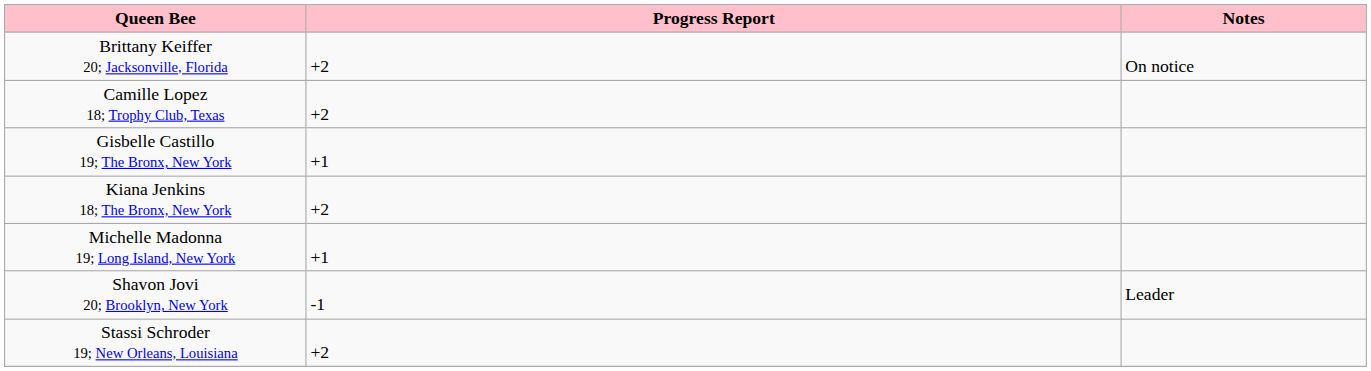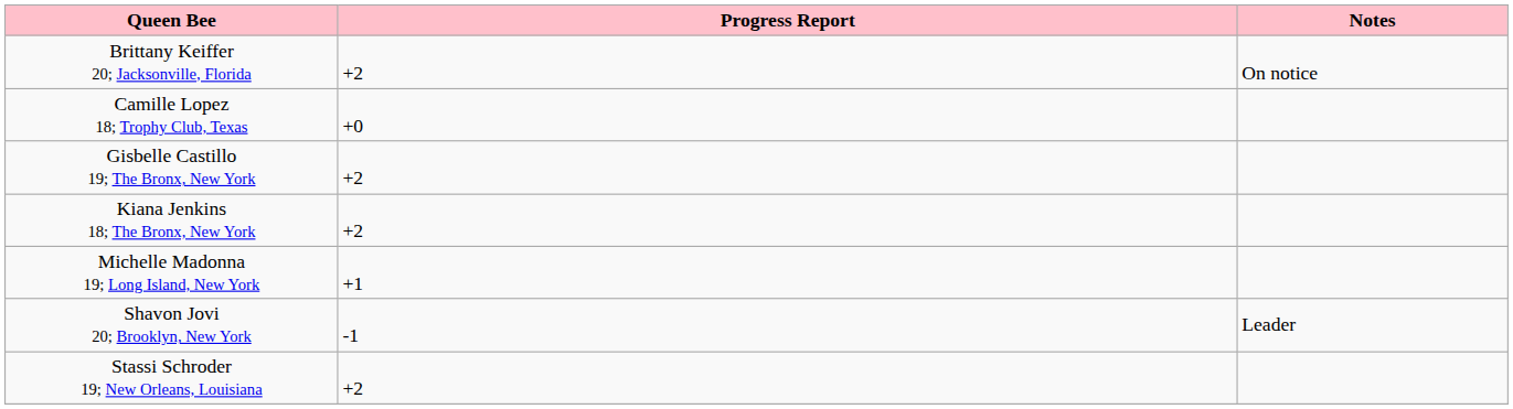 <table class="wikitable" width="98%">
 <tr>
 <th width="125" style="background:pink;">Queen Bee</th>
 <th width="350" style="background:pink;">Progress Report</th>
 <th width="100" style="background:pink;">Notes</th>
 </tr>
 <tr>
 <td style="text-align:center;">Brittany Keiffer <br><small>20; <a href='#'>Jacksonville, Florida</a></small></td>
 <td><br>  +2</td>
 <td><br>On notice</td>
 </tr>
 <tr>
 <td style="text-align:center;">Camille Lopez <br><small>18; <a href='#'>Trophy Club, Texas</a></small></td>
-<td><br> +2</td>
+<td><br> +0</td>
 <td></td>
 </tr>
 <tr>
 <td style="text-align:center;">Gisbelle Castillo <br><small>19; <a href='#'>The Bronx, New York</a></small></td>
-<td><br> +1</td>
+<td><br> +2</td>
 <td></td>
 </tr>
 <tr>
 <td style="text-align:center;">Kiana Jenkins <br><small>18; <a href='#'>The Bronx, New York</a></small></td>
 <td><br> +2</td>
 <td></td>
 </tr>
 <tr>
 <td style="text-align:center;">Michelle Madonna <br><small>19; <a href='#'>Long Island, New York</a></small></td>
 <td><br> +1</td>
 <td></td>
 </tr>
 <tr>
 <td style="text-align:center;">Shavon Jovi <br><small>20; <a href='#'>Brooklyn, New York</a></small></td>
 <td><br>-1</td>
 <td>Leader</td>
 </tr>
 <tr>
 <td style="text-align:center;">Stassi Schroder <br><small>19; <a href='#'>New Orleans, Louisiana</a></small></td>
 <td><br> +2</td>
 <td></td>
 </tr>
 <tr>
 </tr>
 </table>
